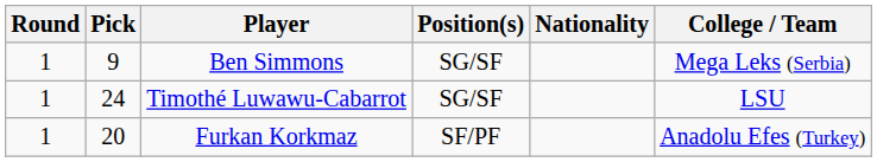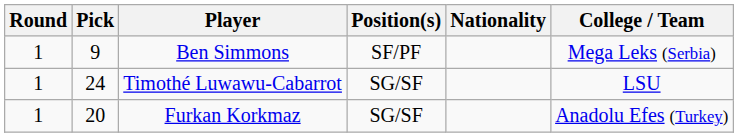 <table class="wikitable sortable sortable">
 <tr>
 <th>Round</th>
 <th>Pick</th>
 <th>Player</th>
 <th>Position(s)</th>
 <th>Nationality</th>
 <th>College / Team</th>
 </tr>
 <tr style="text-align: center">
 <td>1</td>
 <td>9</td>
 <td><a href='#'>Ben Simmons</a></td>
-<td>SG/SF</td>
+<td>SF/PF</td>
 <td></td>
 <td><a href='#'>Mega Leks</a> <small>(<a href='#'>Serbia</a>)</small></td>
 </tr>
 <tr style="text-align: center">
 <td>1</td>
 <td>24</td>
 <td><a href='#'>Timothé Luwawu-Cabarrot</a></td>
 <td>SG/SF</td>
 <td></td>
 <td><a href='#'>LSU</a></td>
 </tr>
 <tr style="text-align: center">
 <td>1</td>
 <td>20</td>
 <td><a href='#'>Furkan Korkmaz</a></td>
-<td>SF/PF</td>
+<td>SG/SF</td>
 <td></td>
 <td><a href='#'>Anadolu Efes</a> <small>(<a href='#'>Turkey</a>)</small></td>
 </tr>
 </table>
